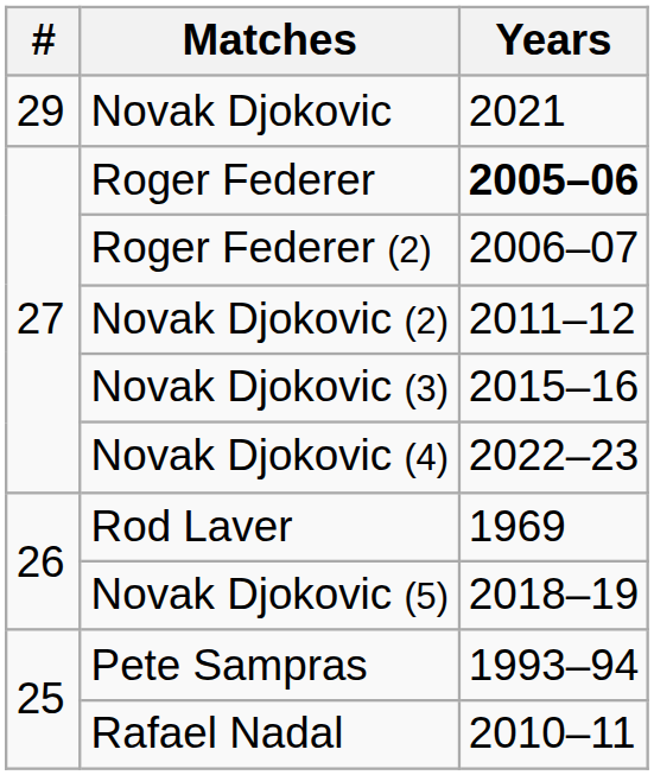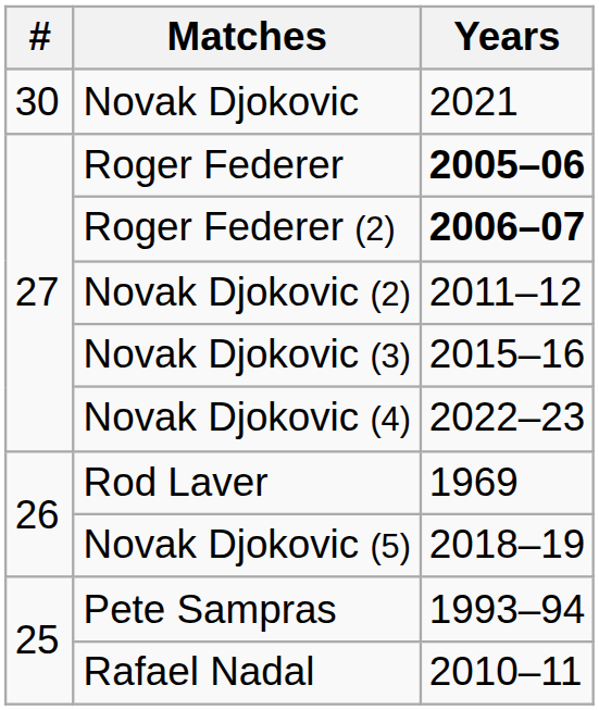 <table class="wikitable" style="display:inline-table;">
 <tr>
 <th width=20>#</th>
 <th>Matches</th>
 <th>Years</th>
 </tr>
 <tr>
-<td>29</td>
+<td>30</td>
 <td> Novak Djokovic</td>
 <td>2021</td>
 </tr>
 <tr>
 <td rowspan="5">27</td>
 <td> Roger Federer</td>
 <td><strong>2005–06</strong></td>
 </tr>
 <tr>
 <td> Roger Federer <small>(2)</small></td>
-<td>2006–07</td>
+<td><strong>2006–07</strong></td>
 </tr>
 <tr>
 <td> Novak Djokovic <small>(2)</small></td>
 <td>2011–12</td>
 </tr>
 <tr>
 <td> Novak Djokovic <small>(3)</small></td>
 <td>2015–16</td>
 </tr>
 <tr>
 <td> Novak Djokovic <small>(4)</small></td>
 <td>2022–23</td>
 </tr>
 <tr>
 <td rowspan="2">26</td>
 <td> Rod Laver</td>
 <td>1969</td>
 </tr>
 <tr>
 <td> Novak Djokovic <small>(5)</small></td>
 <td>2018–19</td>
 </tr>
 <tr>
 <td rowspan="2">25</td>
 <td> Pete Sampras</td>
 <td>1993–94</td>
 </tr>
 <tr>
 <td> Rafael Nadal</td>
 <td>2010–11</td>
 </tr>
 </table>
